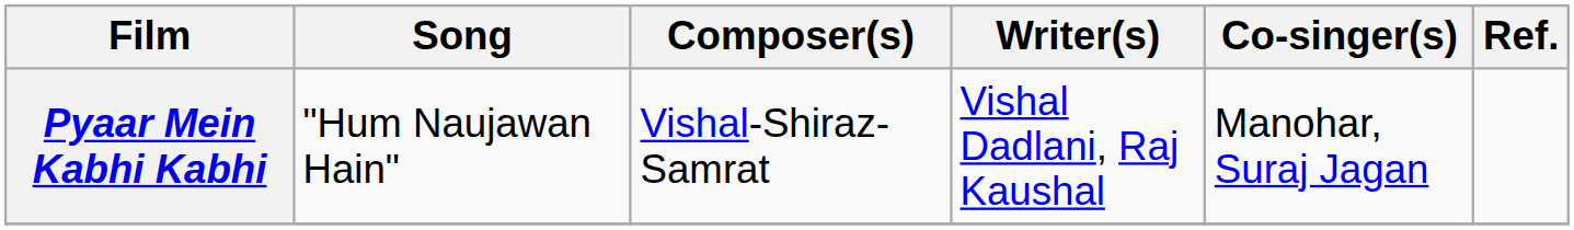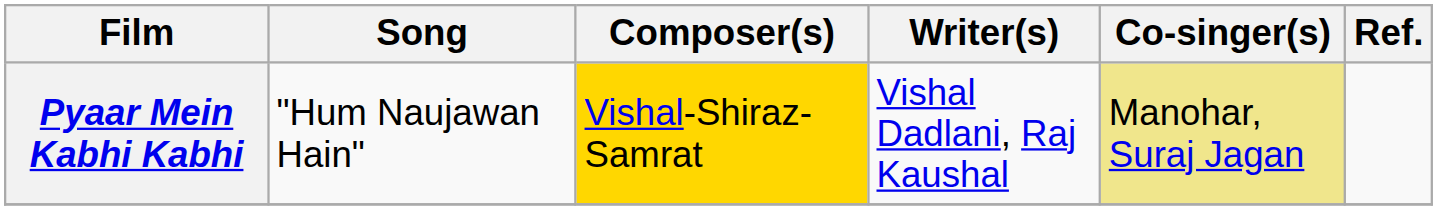 <table class="wikitable plainrowheaders" width="100%" textcolor:#000;">
 <tr>
 <th scope="col" width=20%><strong>Film</strong></th>
 <th scope="col" width=23%><strong>Song</strong></th>
 <th scope="col" width=21%><strong>Composer(s)</strong></th>
 <th scope="col" width=17%><strong>Writer(s)</strong></th>
 <th scope="col" width=18%><strong>Co-singer(s)</strong></th>
 <th scope="col" width=1%><strong>Ref.</strong></th>
 </tr>
 <tr>
 <th scope="row"><em><a href='#'>Pyaar Mein Kabhi Kabhi</a></em></th>
 <td>"Hum Naujawan Hain"</td>
-<td><a href='#'>Vishal</a>-Shiraz-Samrat</td>
+<td style="background: gold;"><a href='#'>Vishal</a>-Shiraz-Samrat</td>
 <td><a href='#'>Vishal Dadlani</a>, <a href='#'>Raj Kaushal</a></td>
-<td>Manohar, <a href='#'>Suraj Jagan</a></td>
+<td style="background: khaki;">Manohar, <a href='#'>Suraj Jagan</a></td>
 <td></td>
 </tr>
 <tr>
 </tr>
 </table>
